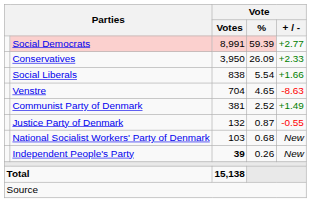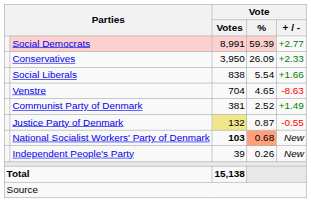 <table class="wikitable" style="text-align:right;">
 <tr>
 <th style="text-align:centre;" rowspan="2" colspan="2" width="225">Parties</th>
 <th colspan="3">Vote</th>
 </tr>
 <tr>
 <th width="15">Votes</th>
 <th width="15">%</th>
 <th width="15">+ / -</th>
 </tr>
 <tr>
 <td width="2" style="color:inherit;background:"></td>
 <td bgcolor=#fbd0ce  align="left"><a href='#'>Social Democrats</a></td>
 <td bgcolor=#fbd0ce>8,991</td>
 <td bgcolor=#fbd0ce>59.39</td>
 <td style=color:green;>+2.77</td>
 </tr>
 <tr>
 <td width="2" style="color:inherit;background:"></td>
 <td align="left"><a href='#'>Conservatives</a></td>
 <td>3,950</td>
 <td>26.09</td>
 <td style=color:green;>+2.33</td>
 </tr>
 <tr>
 <td width="2" style="color:inherit;background:"></td>
 <td align="left"><a href='#'>Social Liberals</a></td>
 <td>838</td>
 <td>5.54</td>
 <td style=color:green;>+1.66</td>
 </tr>
 <tr>
 <td width="2" style="color:inherit;background:"></td>
 <td align="left"><a href='#'>Venstre</a></td>
 <td>704</td>
 <td>4.65</td>
 <td style=color:red;>-8.63</td>
 </tr>
 <tr>
 <td width="2" style="color:inherit;background:"></td>
 <td align="left"><a href='#'>Communist Party of Denmark</a></td>
 <td>381</td>
 <td>2.52</td>
 <td style=color:green;>+1.49</td>
 </tr>
 <tr>
 <td width="2" style="color:inherit;background:"></td>
 <td align="left"><a href='#'>Justice Party of Denmark</a></td>
-<td>132</td>
+<td style="background: khaki;">132</td>
 <td>0.87</td>
 <td style=color:red;>-0.55</td>
 </tr>
 <tr>
 <td width="2" style="color:inherit;background:"></td>
 <td align="left"><a href='#'>National Socialist Workers' Party of Denmark</a></td>
-<td>103</td>
-<td>0.68</td>
+<td><strong>103</strong></td>
+<td style="background: lightsalmon;">0.68</td>
 <td><em>New</em></td>
 </tr>
 <tr>
 <td width="2" style="color:inherit;background:"></td>
 <td align="left"><a href='#'>Independent People's Party</a></td>
-<td><strong>39</strong></td>
+<td>39</td>
 <td>0.26</td>
 <td><em>New</em></td>
 </tr>
 <tr>
 <td colspan="7" bgcolor="#E9E9E9"></td>
 </tr>
 <tr>
 <td align="left" colspan="2"><strong>Total</strong></td>
 <td><strong>15,138</strong></td>
 <td bgcolor="#E9E9E9" colspan="2"></td>
 </tr>
 <tr>
 <td align="left" colspan="6">Source</td>
 </tr>
 </table>
